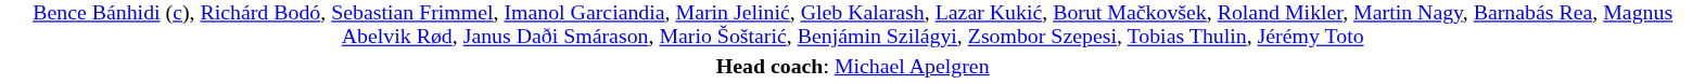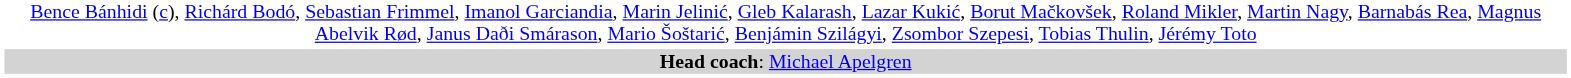 <table style="text-align: center; margin-top: 1em; margin-left: auto; margin-right: auto">
 <tr>
 <td><a href='#'>Bence Bánhidi</a> (<a href='#'>c</a>), <a href='#'>Richárd Bodó</a>, <a href='#'>Sebastian Frimmel</a>, <a href='#'>Imanol Garciandia</a>, <a href='#'>Marin Jelinić</a>, <a href='#'>Gleb Kalarash</a>, <a href='#'>Lazar Kukić</a>, <a href='#'>Borut Mačkovšek</a>, <a href='#'>Roland Mikler</a>, <a href='#'>Martin Nagy</a>, <a href='#'>Barnabás Rea</a>, <a href='#'>Magnus Abelvik Rød</a>, <a href='#'>Janus Daði Smárason</a>, <a href='#'>Mario Šoštarić</a>, <a href='#'>Benjámin Szilágyi</a>, <a href='#'>Zsombor Szepesi</a>, <a href='#'>Tobias Thulin</a>, <a href='#'>Jérémy Toto</a></td>
 </tr>
 <tr>
-<td><strong>Head coach</strong>: <a href='#'>Michael Apelgren</a></td>
+<td style="background: lightgrey;"><strong>Head coach</strong>: <a href='#'>Michael Apelgren</a></td>
 </tr>
 </table>
